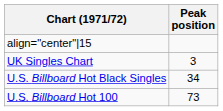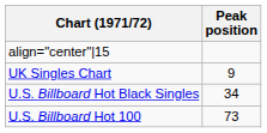 <table class="wikitable">
 <tr>
 <th>Chart (1971/72)</th>
 <th>Peak<br>position</th>
 </tr>
 <tr>
 <td Netherlands (Dutch Top 40)>align="center"|15</td>
 </tr>
 <tr>
 <td><a href='#'>UK Singles Chart</a></td>
-<td align="center">3</td>
+<td align="center">9</td>
 </tr>
 <tr>
 <td><a href='#'>U.S. <em>Billboard</em> Hot Black Singles</a></td>
 <td align="center">34</td>
 </tr>
 <tr>
 <td><a href='#'>U.S. <em>Billboard</em> Hot 100</a></td>
 <td align="center">73</td>
 </tr>
 </table>
